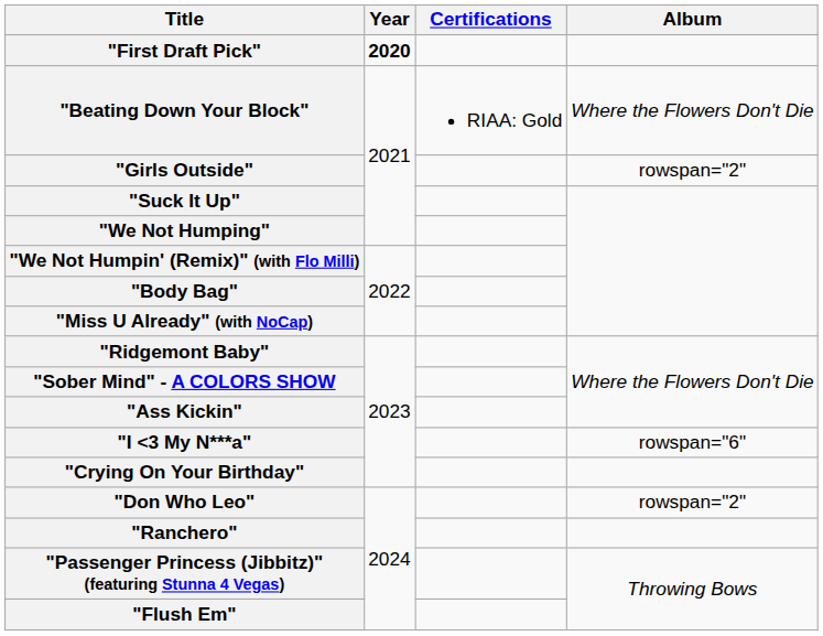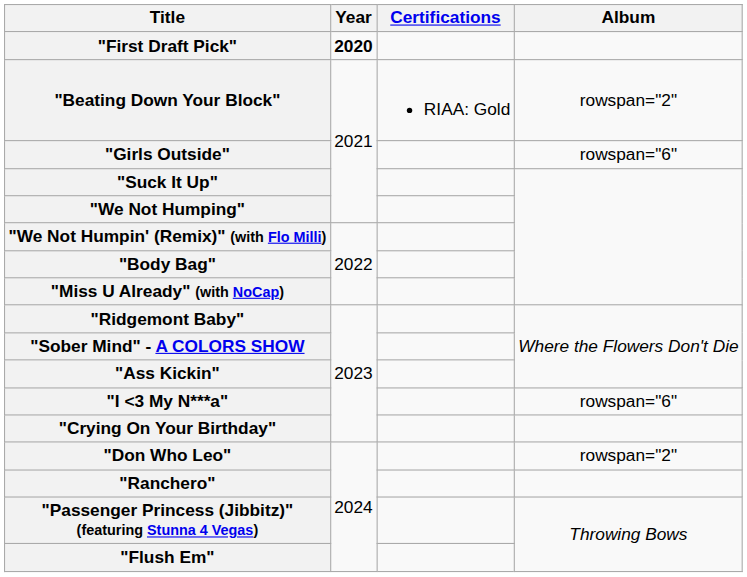 <table class="wikitable plainrowheaders" style="text-align:center;">
 <tr>
 <th scope="col">Title</th>
 <th scope="col">Year</th>
 <th><a href='#'>Certifications</a></th>
 <th scope="col">Album</th>
 </tr>
 <tr>
 <th scope="row">"First Draft Pick"</th>
 <td><strong>2020</strong></td>
 <td></td>
 <td></td>
 </tr>
 <tr>
 <th scope="row">"Beating Down Your Block"</th>
 <td rowspan="4">2021</td>
 <td><br><ul><li>RIAA: Gold</li></ul></td>
-<td><em>Where the Flowers Don't Die</em></td>
+<td>rowspan="2" </td>
 </tr>
 <tr>
 <th scope="row">"Girls Outside"</th>
 <td></td>
-<td>rowspan="2" </td>
+<td>rowspan="6" </td>
 </tr>
 <tr>
 <th scope="row">"Suck It Up"</th>
 <td></td>
 </tr>
 <tr>
 <th scope="row">"We Not Humping"</th>
 <td></td>
 </tr>
 <tr>
 <th scope="row">"We Not Humpin' (Remix)" <small>(with <a href='#'>Flo Milli</a>)</small></th>
 <td rowspan="3">2022</td>
 <td></td>
 </tr>
 <tr>
 <th scope="row">"Body Bag"</th>
 <td></td>
 </tr>
 <tr>
 <th scope="row">"Miss U Already" <small>(with <a href='#'>NoCap</a>)</small></th>
 <td></td>
 </tr>
 <tr>
 <th scope="row">"Ridgemont Baby"</th>
 <td rowspan="5">2023</td>
 <td></td>
 <td rowspan="3"><em>Where the Flowers Don't Die</em></td>
 </tr>
 <tr>
 <th scope="row">"Sober Mind" - <a href='#'>A COLORS SHOW</a></th>
 <td></td>
 </tr>
 <tr>
 <th scope="row">"Ass Kickin"</th>
 <td></td>
 </tr>
 <tr>
 <th scope="row">"I <3 My N***a"</th>
 <td></td>
 <td>rowspan="6" </td>
 </tr>
 <tr>
 <th scope="row">"Crying On Your Birthday"</th>
 <td></td>
 </tr>
 <tr>
 <th scope="row">"Don Who Leo"</th>
 <td rowspan="4">2024</td>
 <td></td>
 <td>rowspan="2" </td>
 </tr>
 <tr>
 <th scope="row">"Ranchero"</th>
 <td></td>
 <td></td>
 </tr>
 <tr>
 <th scope="row">"Passenger Princess (Jibbitz)" <br><small>(featuring <a href='#'>Stunna 4 Vegas</a>)</small></th>
 <td></td>
 <td rowspan=2><em>Throwing Bows</em></td>
 </tr>
 <tr>
 <th scope="row">"Flush Em"<br></th>
 <td></td>
 </tr>
 </table>
